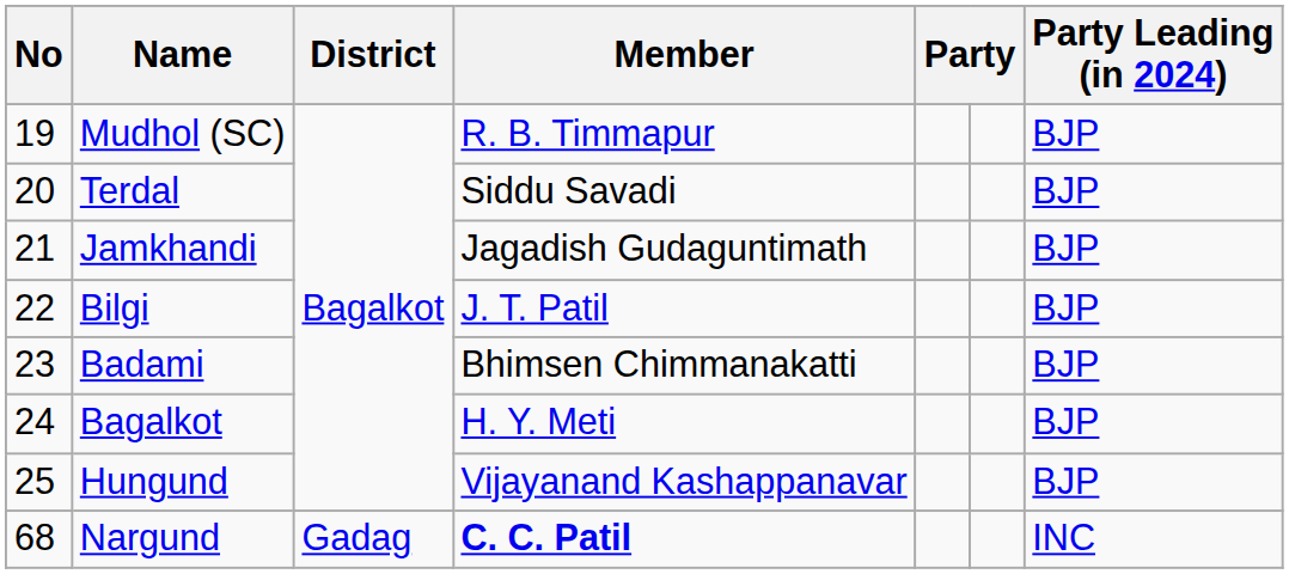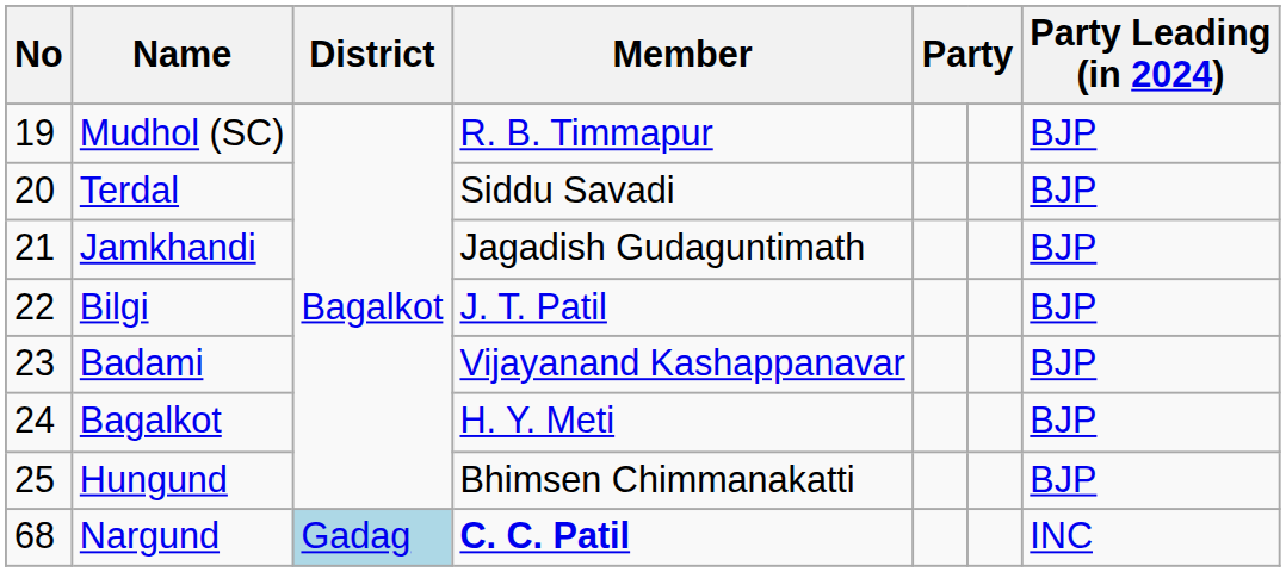 <table class="wikitable sortable">
 <tr>
 <th>No</th>
 <th>Name</th>
 <th>District</th>
 <th>Member</th>
 <th colspan="2">Party</th>
 <th colspan="2">Party Leading<br>(in <a href='#'>2024</a>)</th>
 </tr>
 <tr>
 <td>19</td>
 <td><a href='#'>Mudhol</a> (SC)</td>
 <td rowspan="7"><a href='#'>Bagalkot</a></td>
 <td><a href='#'>R. B. Timmapur</a></td>
 <td></td>
 <td style="background-color: "></td>
 <td><a href='#'>BJP</a></td>
 </tr>
 <tr>
 <td>20</td>
 <td><a href='#'>Terdal</a></td>
 <td>Siddu Savadi</td>
 <td></td>
 <td style="background-color: "></td>
 <td><a href='#'>BJP</a></td>
 </tr>
 <tr>
 <td>21</td>
 <td><a href='#'>Jamkhandi</a></td>
 <td>Jagadish Gudaguntimath</td>
 <td></td>
 <td style="background-color: "></td>
 <td><a href='#'>BJP</a></td>
 </tr>
 <tr>
 <td>22</td>
 <td><a href='#'>Bilgi</a></td>
 <td><a href='#'>J. T. Patil</a></td>
 <td></td>
 <td style="background-color: "></td>
 <td><a href='#'>BJP</a></td>
 </tr>
 <tr>
 <td>23</td>
 <td><a href='#'>Badami</a></td>
-<td>Bhimsen Chimmanakatti</td>
+<td><a href='#'>Vijayanand Kashappanavar</a></td>
 <td></td>
 <td style="background-color: "></td>
 <td><a href='#'>BJP</a></td>
 </tr>
 <tr>
 <td>24</td>
 <td><a href='#'>Bagalkot</a></td>
 <td><a href='#'>H. Y. Meti</a></td>
 <td></td>
 <td style="background-color: "></td>
 <td><a href='#'>BJP</a></td>
 </tr>
 <tr>
 <td>25</td>
 <td><a href='#'>Hungund</a></td>
-<td><a href='#'>Vijayanand Kashappanavar</a></td>
+<td>Bhimsen Chimmanakatti</td>
 <td></td>
 <td style="background-color: "></td>
 <td><a href='#'>BJP</a></td>
 </tr>
 <tr>
 <td>68</td>
 <td><a href='#'>Nargund</a></td>
-<td><a href='#'>Gadag</a></td>
+<td style="background: lightblue;"><a href='#'>Gadag</a></td>
 <td><strong><a href='#'>C. C. Patil</a></strong></td>
 <td></td>
 <td style="background-color: "></td>
 <td><a href='#'>INC</a></td>
 </tr>
 </table>
